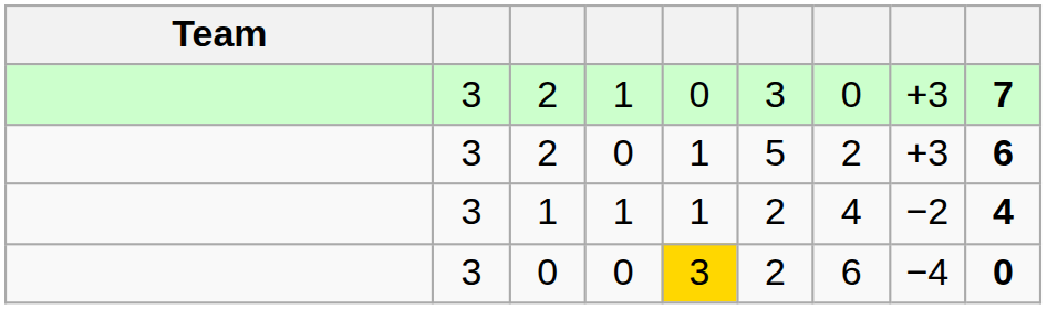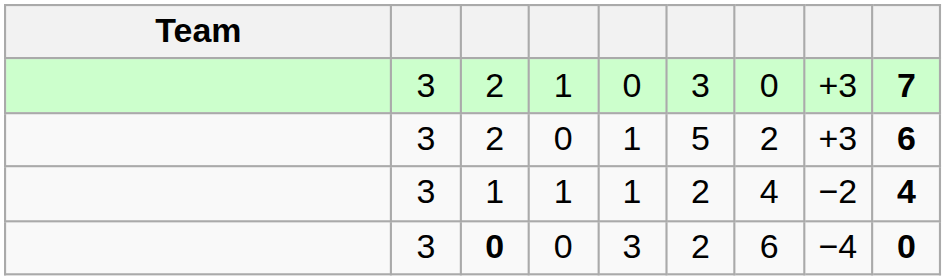 <table class="wikitable" style="text-align: center;">
 <tr>
 <th width="175">Team</th>
 <th width="25"></th>
 <th width="25"></th>
 <th width="25"></th>
 <th width="25"></th>
 <th width="25"></th>
 <th width="25"></th>
 <th width="25"></th>
 <th width="25"></th>
 </tr>
 <tr style="background-color:#ccffcc">
 <td align=left></td>
 <td>3</td>
 <td>2</td>
 <td>1</td>
 <td>0</td>
 <td>3</td>
 <td>0</td>
 <td>+3</td>
 <td><strong>7</strong></td>
 </tr>
 <tr>
 <td align=left></td>
 <td>3</td>
 <td>2</td>
 <td>0</td>
 <td>1</td>
 <td>5</td>
 <td>2</td>
 <td>+3</td>
 <td><strong>6</strong></td>
 </tr>
 <tr>
 <td align=left></td>
 <td>3</td>
 <td>1</td>
 <td>1</td>
 <td>1</td>
 <td>2</td>
 <td>4</td>
 <td>−2</td>
 <td><strong>4</strong></td>
 </tr>
 <tr>
 <td align=left></td>
 <td>3</td>
+<td><strong>0</strong></td>
 <td>0</td>
-<td>0</td>
-<td style="background: gold;">3</td>
+<td>3</td>
 <td>2</td>
 <td>6</td>
 <td>−4</td>
 <td><strong>0</strong></td>
 </tr>
 </table>
